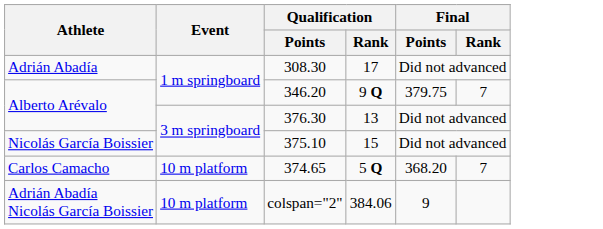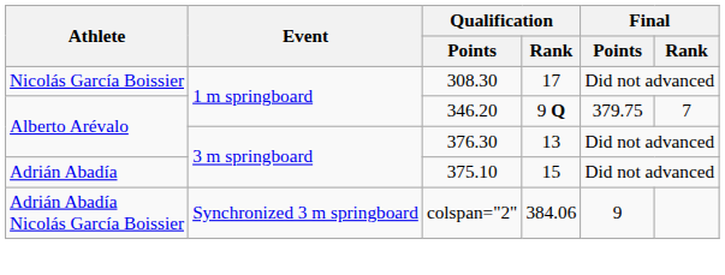 <table class="wikitable" style="text-align: center; font-size:90%">
 <tr>
 <th rowspan="2">Athlete</th>
 <th rowspan="2">Event</th>
 <th colspan="2">Qualification</th>
 <th colspan="2">Final</th>
 </tr>
 <tr>
 <th>Points</th>
 <th>Rank</th>
 <th>Points</th>
 <th>Rank</th>
 </tr>
 <tr>
-<td align="left"><a href='#'>Adrián Abadía</a></td>
+<td align="left"><a href='#'>Nicolás García Boissier</a></td>
 <td align="left" rowspan=2><a href='#'>1 m springboard</a></td>
 <td>308.30</td>
 <td>17</td>
 <td colspan=2>Did not advanced</td>
 </tr>
 <tr>
 <td align="left" rowspan=2><a href='#'>Alberto Arévalo</a></td>
 <td>346.20</td>
 <td>9 <strong>Q</strong></td>
 <td>379.75</td>
 <td>7</td>
 </tr>
 <tr>
 <td align="left" rowspan=2><a href='#'>3 m springboard</a></td>
 <td>376.30</td>
 <td>13</td>
 <td colspan=2>Did not advanced</td>
 </tr>
 <tr>
-<td align="left"><a href='#'>Nicolás García Boissier</a></td>
+<td align="left"><a href='#'>Adrián Abadía</a></td>
 <td>375.10</td>
 <td>15</td>
 <td colspan=2>Did not advanced</td>
 </tr>
 <tr>
-<td align="left"><a href='#'>Carlos Camacho</a></td>
-<td align="left"><a href='#'>10 m platform</a></td>
-<td>374.65</td>
-<td>5 <strong>Q</strong></td>
-<td>368.20</td>
-<td>7</td>
-</tr>
-<tr>
 <td align="left"><a href='#'>Adrián Abadía</a><br><a href='#'>Nicolás García Boissier</a></td>
-<td align="left"><a href='#'>10 m platform</a></td>
+<td align="left"><a href='#'>Synchronized 3 m springboard</a></td>
 <td>colspan="2" </td>
 <td>384.06</td>
 <td>9</td>
 </tr>
 </table>
